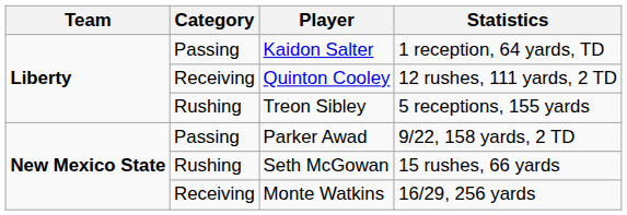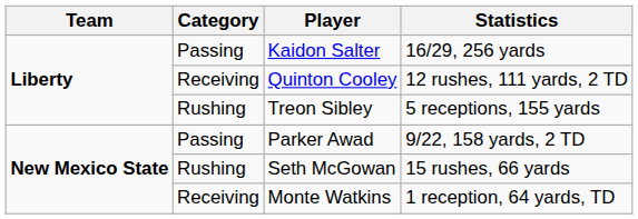 <table class="wikitable" style="float: right;">
 <tr>
 <th>Team</th>
 <th>Category</th>
 <th>Player</th>
 <th>Statistics</th>
 </tr>
 <tr>
 <td rowspan=3><strong>Liberty</strong></td>
 <td>Passing</td>
 <td><a href='#'>Kaidon Salter</a></td>
-<td>1 reception, 64 yards, TD</td>
+<td>16/29, 256 yards</td>
 </tr>
 <tr>
 <td>Receiving</td>
 <td><a href='#'>Quinton Cooley</a></td>
 <td>12 rushes, 111 yards, 2 TD</td>
 </tr>
 <tr>
 <td>Rushing</td>
 <td>Treon Sibley</td>
 <td>5 receptions, 155 yards</td>
 </tr>
 <tr>
 <td rowspan=3><strong>New Mexico State</strong></td>
 <td>Passing</td>
 <td>Parker Awad</td>
 <td>9/22, 158 yards, 2 TD</td>
 </tr>
 <tr>
 <td>Rushing</td>
 <td>Seth McGowan</td>
 <td>15 rushes, 66 yards</td>
 </tr>
 <tr>
 <td>Receiving</td>
 <td>Monte Watkins</td>
-<td>16/29, 256 yards</td>
+<td>1 reception, 64 yards, TD</td>
 </tr>
 </table>
